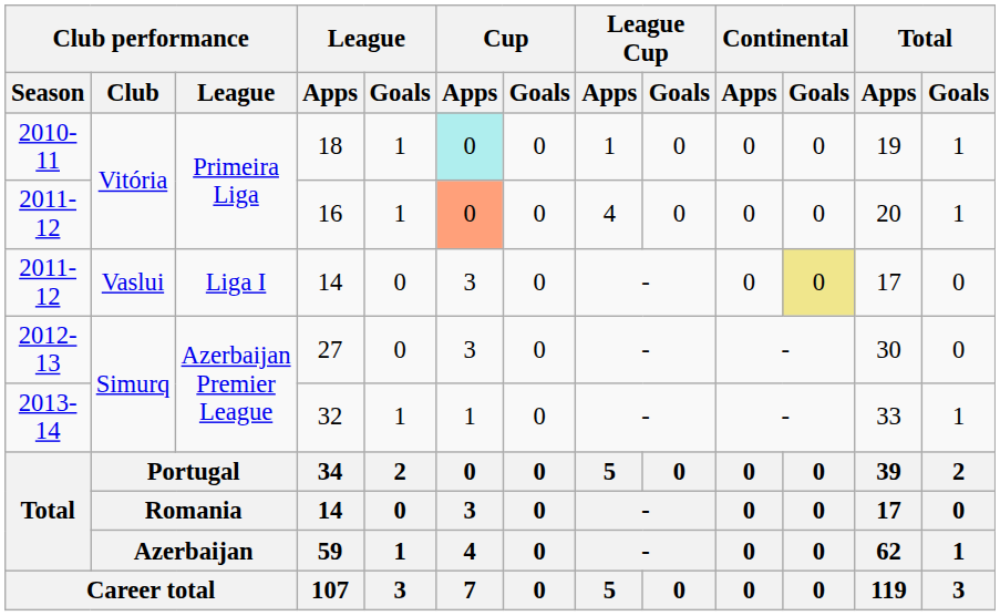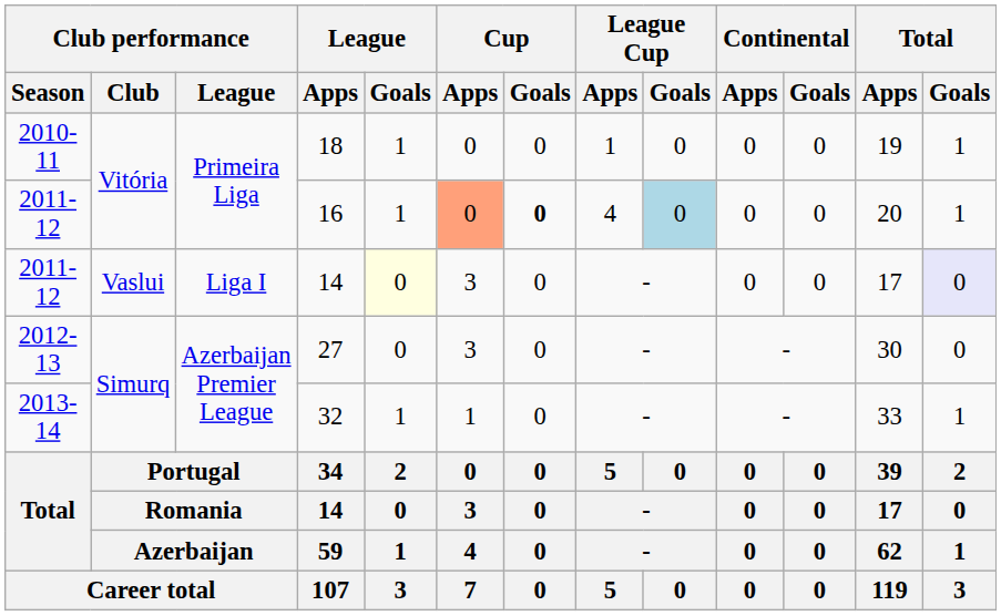 <table class="wikitable" style="text-align:center">
 <tr>
 <th colspan=3>Club performance</th>
 <th colspan=2>League</th>
 <th colspan=2>Cup</th>
 <th colspan=2>League Cup</th>
 <th colspan=2>Continental</th>
 <th colspan=2>Total</th>
 </tr>
 <tr>
 <th>Season</th>
 <th>Club</th>
 <th>League</th>
 <th>Apps</th>
 <th>Goals</th>
 <th>Apps</th>
 <th>Goals</th>
 <th>Apps</th>
 <th>Goals</th>
 <th>Apps</th>
 <th>Goals</th>
 <th>Apps</th>
 <th>Goals</th>
 </tr>
 <tr>
 <td><a href='#'>2010-11</a></td>
 <td rowspan="2"><a href='#'>Vitória</a></td>
 <td rowspan="2"><a href='#'>Primeira Liga</a></td>
 <td>18</td>
 <td>1</td>
-<td style="background: paleturquoise;">0</td>
+<td>0</td>
 <td>0</td>
 <td>1</td>
 <td>0</td>
 <td>0</td>
 <td>0</td>
 <td>19</td>
 <td>1</td>
 </tr>
 <tr>
 <td><a href='#'>2011-12</a></td>
 <td>16</td>
 <td>1</td>
 <td style="background: lightsalmon;">0</td>
-<td>0</td>
+<td><strong>0</strong></td>
 <td>4</td>
-<td>0</td>
+<td style="background: lightblue;">0</td>
 <td>0</td>
 <td>0</td>
 <td>20</td>
 <td>1</td>
 </tr>
 <tr>
 <td><a href='#'>2011-12</a></td>
 <td><a href='#'>Vaslui</a></td>
 <td><a href='#'>Liga I</a></td>
 <td>14</td>
-<td>0</td>
+<td style="background: lightyellow;">0</td>
 <td>3</td>
 <td>0</td>
 <td colspan="2">-</td>
 <td>0</td>
-<td style="background: khaki;">0</td>
+<td>0</td>
 <td>17</td>
-<td>0</td>
+<td style="background: lavender;">0</td>
 </tr>
 <tr>
 <td><a href='#'>2012-13</a></td>
 <td rowspan="2"><a href='#'>Simurq</a></td>
 <td rowspan="2"><a href='#'>Azerbaijan Premier League</a></td>
 <td>27</td>
 <td>0</td>
 <td>3</td>
 <td>0</td>
 <td colspan="2">-</td>
 <td colspan="2">-</td>
 <td>30</td>
 <td>0</td>
 </tr>
 <tr>
 <td><a href='#'>2013-14</a></td>
 <td>32</td>
 <td>1</td>
 <td>1</td>
 <td>0</td>
 <td colspan="2">-</td>
 <td colspan="2">-</td>
 <td>33</td>
 <td>1</td>
 </tr>
 <tr>
 <th rowspan=3>Total</th>
 <th colspan=2>Portugal</th>
 <th>34</th>
 <th>2</th>
 <th>0</th>
 <th>0</th>
 <th>5</th>
 <th>0</th>
 <th>0</th>
 <th>0</th>
 <th>39</th>
 <th>2</th>
 </tr>
 <tr>
 <th colspan=2>Romania</th>
 <th>14</th>
 <th>0</th>
 <th>3</th>
 <th>0</th>
 <th colspan="2">-</th>
 <th>0</th>
 <th>0</th>
 <th>17</th>
 <th>0</th>
 </tr>
 <tr>
 <th colspan=2>Azerbaijan</th>
 <th>59</th>
 <th>1</th>
 <th>4</th>
 <th>0</th>
 <th colspan="2">-</th>
 <th>0</th>
 <th>0</th>
 <th>62</th>
 <th>1</th>
 </tr>
 <tr>
 <th colspan=3>Career total</th>
 <th>107</th>
 <th>3</th>
 <th>7</th>
 <th>0</th>
 <th>5</th>
 <th>0</th>
 <th>0</th>
 <th>0</th>
 <th>119</th>
 <th>3</th>
 </tr>
 </table>
